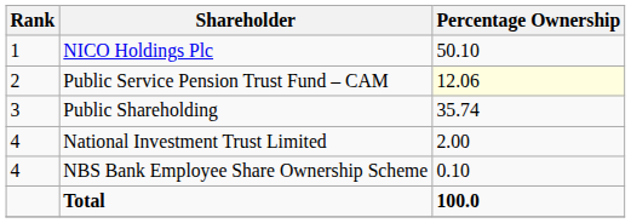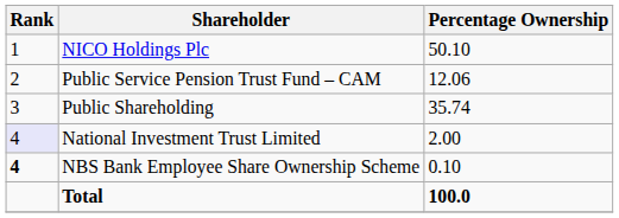 <table class="wikitable sortable" style="margin-left:auto;margin-right:auto">
 <tr>
 <th style="width:2em;">Rank</th>
 <th>Shareholder</th>
 <th>Percentage Ownership</th>
 </tr>
 <tr>
 <td>1</td>
 <td><a href='#'>NICO Holdings Plc</a></td>
 <td>50.10</td>
 </tr>
 <tr>
 <td>2</td>
 <td>Public Service Pension Trust Fund – CAM</td>
-<td style="background: lightyellow;">12.06</td>
+<td>12.06</td>
 </tr>
 <tr>
 <td>3</td>
 <td>Public Shareholding</td>
 <td>35.74</td>
 </tr>
 <tr>
-<td>4</td>
+<td style="background: lavender;">4</td>
 <td>National Investment Trust Limited</td>
 <td>2.00</td>
 </tr>
 <tr>
-<td>4</td>
+<td><strong>4</strong></td>
 <td>NBS Bank Employee Share Ownership Scheme</td>
 <td>0.10</td>
 </tr>
 <tr>
 <td></td>
 <td><strong>Total</strong></td>
 <td><strong>100.0</strong></td>
 </tr>
 <tr>
 </tr>
 </table>
